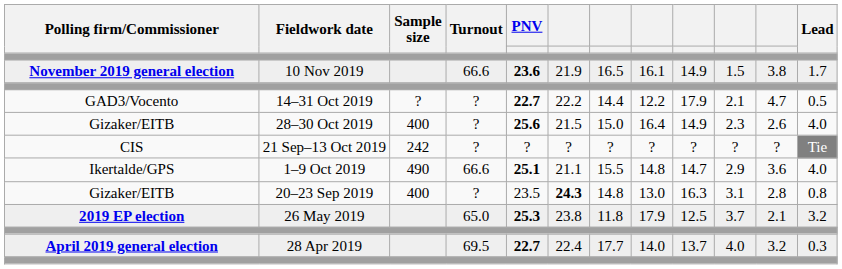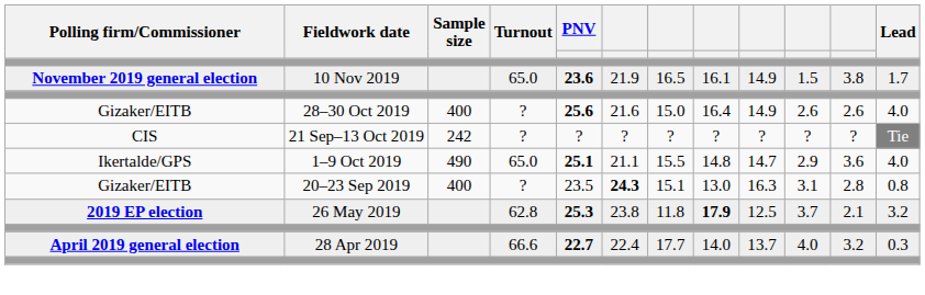 <table class="wikitable collapsible collapsed" style="text-align:center; font-size:95%; line-height:16px;">
 <tr style="height:42px;">
 <th style="width:250px;" rowspan="2">Polling firm/Commissioner</th>
 <th style="width:125px;" rowspan="2">Fieldwork date</th>
 <th style="width:50px;" rowspan="2">Sample size</th>
 <th style="width:45px;" rowspan="2">Turnout</th>
 <th style="width:35px;"><a href='#'>PNV</a></th>
 <th style="width:35px;"></th>
 <th style="width:35px;"></th>
 <th style="width:35px;"></th>
 <th style="width:35px;"></th>
 <th style="width:35px;"></th>
 <th style="width:35px;"></th>
 <th style="width:30px;" rowspan="2">Lead</th>
 </tr>
 <tr>
 <th style="color:inherit;background:"></th>
 <th style="color:inherit;background:"></th>
 <th style="color:inherit;background:"></th>
 <th style="color:inherit;background:"></th>
 <th style="color:inherit;background:"></th>
 <th style="color:inherit;background:"></th>
 <th style="color:inherit;background:"></th>
 </tr>
 <tr>
 <td colspan="12" style="background:#A0A0A0"></td>
 </tr>
 <tr style="background:#EFEFEF;">
 <td><strong><a href='#'>November 2019 general election</a></strong></td>
 <td>10 Nov 2019</td>
 <td></td>
-<td>66.6</td>
+<td>65.0</td>
 <td><strong>23.6</strong><br></td>
 <td>21.9<br></td>
 <td>16.5<br></td>
 <td>16.1<br></td>
 <td>14.9<br></td>
 <td>1.5<br></td>
 <td>3.8<br></td>
 <td style="background:">1.7</td>
 </tr>
 <tr>
 <td colspan="12" style="background:#A0A0A0"></td>
 </tr>
 <tr>
-<td>GAD3/Vocento</td>
-<td>14–31 Oct 2019</td>
-<td>?</td>
-<td>?</td>
-<td><strong>22.7</strong><br></td>
-<td>22.2<br></td>
-<td>14.4<br></td>
-<td>12.2<br></td>
-<td>17.9<br></td>
-<td>2.1<br></td>
-<td>4.7<br></td>
-<td style="background:">0.5</td>
-</tr>
-<tr>
 <td>Gizaker/EITB</td>
 <td>28–30 Oct 2019</td>
 <td>400</td>
 <td>?</td>
 <td><strong>25.6</strong><br></td>
-<td>21.5<br></td>
+<td>21.6<br></td>
 <td>15.0<br></td>
 <td>16.4<br></td>
 <td>14.9<br></td>
-<td>2.3<br></td>
+<td>2.6<br></td>
 <td>2.6<br></td>
 <td style="background:">4.0</td>
 </tr>
 <tr>
 <td>CIS</td>
 <td>21 Sep–13 Oct 2019</td>
 <td>242</td>
 <td>?</td>
 <td>?<br></td>
 <td>?<br></td>
 <td>?<br></td>
 <td>?<br></td>
 <td>?<br></td>
 <td>?<br></td>
 <td>?<br></td>
 <td style="background:gray;color:white;">Tie</td>
 </tr>
 <tr>
 <td>Ikertalde/GPS</td>
 <td>1–9 Oct 2019</td>
 <td>490</td>
-<td>66.6</td>
+<td>65.0</td>
 <td><strong>25.1</strong><br></td>
 <td>21.1<br></td>
 <td>15.5<br></td>
 <td>14.8<br></td>
 <td>14.7<br></td>
 <td>2.9<br></td>
 <td>3.6<br></td>
 <td style="background:">4.0</td>
 </tr>
 <tr>
 <td>Gizaker/EITB</td>
 <td>20–23 Sep 2019</td>
 <td>400</td>
 <td>?</td>
 <td>23.5<br></td>
 <td><strong>24.3</strong><br></td>
-<td>14.8<br></td>
+<td>15.1<br></td>
 <td>13.0<br></td>
 <td>16.3<br></td>
 <td>3.1<br></td>
 <td>2.8<br></td>
 <td style="background:">0.8</td>
 </tr>
 <tr style="background:#EFEFEF;">
 <td><strong><a href='#'>2019 EP election</a></strong></td>
 <td>26 May 2019</td>
 <td></td>
-<td>65.0</td>
+<td>62.8</td>
 <td><strong>25.3</strong><br></td>
 <td>23.8<br></td>
 <td>11.8<br></td>
-<td>17.9<br></td>
+<td><strong>17.9<br></strong></td>
 <td>12.5<br></td>
 <td>3.7<br></td>
 <td>2.1<br></td>
 <td style="background:">3.2</td>
 </tr>
 <tr>
 <td colspan="12" style="background:#A0A0A0"></td>
 </tr>
 <tr style="background:#EFEFEF;">
 <td><strong><a href='#'>April 2019 general election</a></strong></td>
 <td>28 Apr 2019</td>
 <td></td>
-<td>69.5</td>
+<td>66.6</td>
 <td><strong>22.7</strong><br></td>
 <td>22.4<br></td>
 <td>17.7<br></td>
 <td>14.0<br></td>
 <td>13.7<br></td>
 <td>4.0<br></td>
 <td>3.2<br></td>
 <td style="background:">0.3</td>
 </tr>
 <tr>
 <td colspan="12" style="background:#A0A0A0"></td>
 </tr>
 </table>
